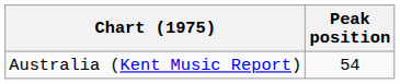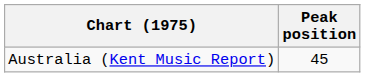 <table class="wikitable">
 <tr>
 <th scope="col">Chart (1975)</th>
 <th>Peak<br>position</th>
 </tr>
 <tr>
 <td>Australia (<a href='#'>Kent Music Report</a>)</td>
-<td style="text-align:center;">54</td>
+<td style="text-align:center;">45</td>
 </tr>
 </table>
